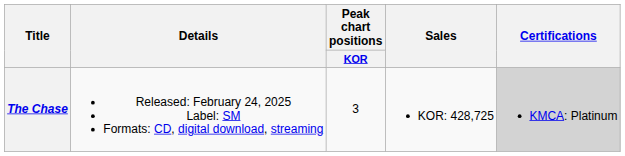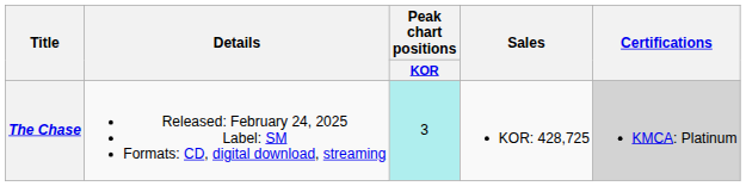 <table class="wikitable plainrowheaders" style="text-align:center">
 <tr>
 <th scope="col" rowspan="2">Title</th>
 <th scope="col" rowspan="2">Details</th>
 <th scope="col">Peak chart positions</th>
 <th scope="col" rowspan="2">Sales</th>
 <th scope="col" rowspan="2"><a href='#'>Certifications</a></th>
 </tr>
 <tr>
 <th scope="col" style="width:3em;font-size:90%"><a href='#'>KOR</a><br></th>
 </tr>
 <tr>
 <th scope="row"><em><a href='#'>The Chase</a></em></th>
 <td><br><ul><li>Released: February 24, 2025</li><li>Label: <a href='#'>SM</a></li><li>Formats: <a href='#'>CD</a>, <a href='#'>digital download</a>, <a href='#'>streaming</a></li></ul></td>
-<td>3</td>
+<td style="background: paleturquoise;">3</td>
 <td><br><ul><li>KOR: 428,725</li></ul></td>
 <td style="background: lightgrey;"><br><ul><li><a href='#'>KMCA</a>: Platinum</li></ul></td>
 </tr>
 </table>
